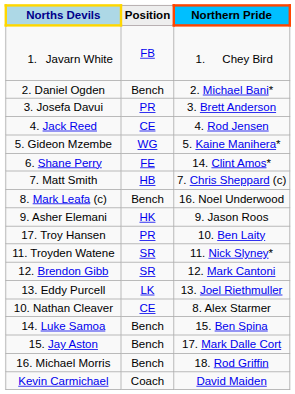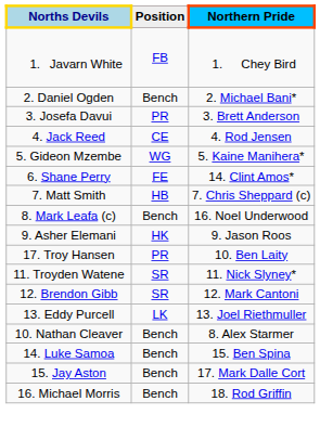 <table class="wikitable" style="float:right; font-size:90%; text-align:center; margin-left:1em;">
 <tr style="background:#f03;">
 <th align="centre" width="136" style="border: 3px solid gold; background: lightblue; color: darkblue">Norths Devils</th>
 <th align="center" style="background: #eeeeee; color: black">Position</th>
 <th align="centre" width="136" style="border: 3px solid #FF4500; background: #00BFFF; color: black">Northern Pride</th>
 </tr>
 <tr>
 <td><br><ol><li>Javarn White</li></ol></td>
 <td><a href='#'>FB</a></td>
 <td><br><ol><li>Chey Bird</li></ol></td>
 </tr>
 <tr>
 <td>2. Daniel Ogden</td>
 <td>Bench</td>
 <td>2. <a href='#'>Michael Bani</a>*</td>
 </tr>
 <tr>
 <td>3. Josefa Davui</td>
 <td><a href='#'>PR</a></td>
 <td>3. <a href='#'>Brett Anderson</a></td>
 </tr>
 <tr>
 <td>4. <a href='#'>Jack Reed</a></td>
 <td><a href='#'>CE</a></td>
 <td>4. <a href='#'>Rod Jensen</a></td>
 </tr>
 <tr>
 <td>5. Gideon Mzembe</td>
 <td><a href='#'>WG</a></td>
 <td>5. <a href='#'>Kaine Manihera</a>*</td>
 </tr>
 <tr>
 <td>6. <a href='#'>Shane Perry</a></td>
 <td><a href='#'>FE</a></td>
 <td>14. <a href='#'>Clint Amos</a>*</td>
 </tr>
 <tr>
 <td>7. Matt Smith</td>
 <td><a href='#'>HB</a></td>
 <td>7. <a href='#'>Chris Sheppard</a> (c)</td>
 </tr>
 <tr>
 <td>8. <a href='#'>Mark Leafa</a> (c)</td>
 <td>Bench</td>
 <td>16. Noel Underwood</td>
 </tr>
 <tr>
 <td>9. Asher Elemani</td>
 <td><a href='#'>HK</a></td>
 <td>9. Jason Roos</td>
 </tr>
 <tr>
 <td>17. Troy Hansen</td>
 <td><a href='#'>PR</a></td>
 <td>10. <a href='#'>Ben Laity</a></td>
 </tr>
 <tr>
 <td>11. Troyden Watene</td>
 <td><a href='#'>SR</a></td>
 <td>11. <a href='#'>Nick Slyney</a>*</td>
 </tr>
 <tr>
 <td>12. <a href='#'>Brendon Gibb</a></td>
 <td><a href='#'>SR</a></td>
 <td>12. <a href='#'>Mark Cantoni</a></td>
 </tr>
 <tr>
 <td>13. Eddy Purcell</td>
 <td><a href='#'>LK</a></td>
 <td>13. <a href='#'>Joel Riethmuller</a></td>
 </tr>
 <tr>
 <td>10. Nathan Cleaver</td>
-<td><a href='#'>CE</a></td>
+<td>Bench</td>
 <td>8. Alex Starmer</td>
 </tr>
 <tr>
 <td>14. <a href='#'>Luke Samoa</a></td>
 <td>Bench</td>
 <td>15. <a href='#'>Ben Spina</a></td>
 </tr>
 <tr>
 <td>15. <a href='#'>Jay Aston</a></td>
 <td>Bench</td>
 <td>17. <a href='#'>Mark Dalle Cort</a></td>
 </tr>
 <tr>
 <td>16. Michael Morris</td>
 <td>Bench</td>
 <td>18. <a href='#'>Rod Griffin</a></td>
 </tr>
-<tr>
-<td><a href='#'>Kevin Carmichael</a></td>
-<td>Coach</td>
-<td><a href='#'>David Maiden</a></td>
-</tr>
 </table>
